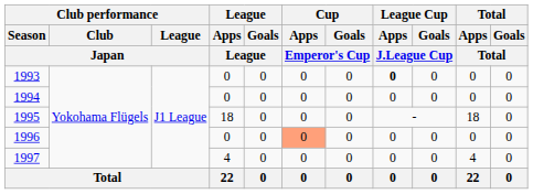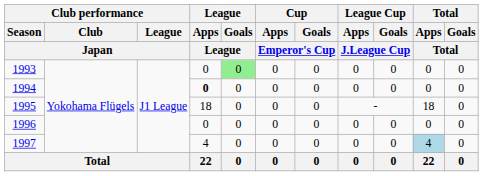 <table class="wikitable" style="text-align:center;">
 <tr>
 <th colspan=3>Club performance</th>
 <th colspan=2>League</th>
 <th colspan=2>Cup</th>
 <th colspan=2>League Cup</th>
 <th colspan=2>Total</th>
 </tr>
 <tr>
 <th>Season</th>
 <th>Club</th>
 <th>League</th>
 <th>Apps</th>
 <th>Goals</th>
 <th>Apps</th>
 <th>Goals</th>
 <th>Apps</th>
 <th>Goals</th>
 <th>Apps</th>
 <th>Goals</th>
 </tr>
 <tr>
 <th colspan=3>Japan</th>
 <th colspan=2>League</th>
 <th colspan=2><a href='#'>Emperor's Cup</a></th>
 <th colspan=2><a href='#'>J.League Cup</a></th>
 <th colspan=2>Total</th>
 </tr>
 <tr>
 <td><a href='#'>1993</a></td>
 <td rowspan=5><a href='#'>Yokohama Flügels</a></td>
 <td rowspan=5><a href='#'>J1 League</a></td>
 <td>0</td>
+<td style="background: lightgreen;">0</td>
 <td>0</td>
 <td>0</td>
 <td>0</td>
-<td><strong>0</strong></td>
 <td>0</td>
 <td>0</td>
 <td>0</td>
 </tr>
 <tr>
 <td><a href='#'>1994</a></td>
-<td>0</td>
+<td><strong>0</strong></td>
 <td>0</td>
 <td>0</td>
 <td>0</td>
 <td>0</td>
 <td>0</td>
 <td>0</td>
 <td>0</td>
 </tr>
 <tr>
 <td><a href='#'>1995</a></td>
 <td>18</td>
 <td>0</td>
 <td>0</td>
 <td>0</td>
 <td colspan=2>-</td>
 <td>18</td>
 <td>0</td>
 </tr>
 <tr>
 <td><a href='#'>1996</a></td>
 <td>0</td>
 <td>0</td>
-<td style="background: lightsalmon;">0</td>
+<td>0</td>
 <td>0</td>
 <td>0</td>
 <td>0</td>
 <td>0</td>
 <td>0</td>
 </tr>
 <tr>
 <td><a href='#'>1997</a></td>
 <td>4</td>
 <td>0</td>
 <td>0</td>
 <td>0</td>
 <td>0</td>
 <td>0</td>
-<td>4</td>
+<td style="background: lightblue;">4</td>
 <td>0</td>
 </tr>
 <tr>
 <th colspan=3>Total</th>
 <th>22</th>
 <th>0</th>
 <th>0</th>
 <th>0</th>
 <th>0</th>
 <th>0</th>
 <th>22</th>
 <th>0</th>
 </tr>
 </table>
